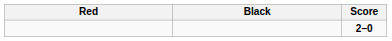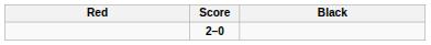 <table class="wikitable" style="text-align: center;">
 <tr>
 <th align="right" width="270">Red</th>
+<th width="65">Score</th>
 <th align="left" width="270">Black</th>
-<th width="65">Score</th>
 </tr>
 <tr>
 <td align=left><strong></strong></td>
+<td align=center><strong>2–0</strong></td>
 <td align=left></td>
-<td align=center><strong>2–0</strong></td>
 </tr>
 </table>
